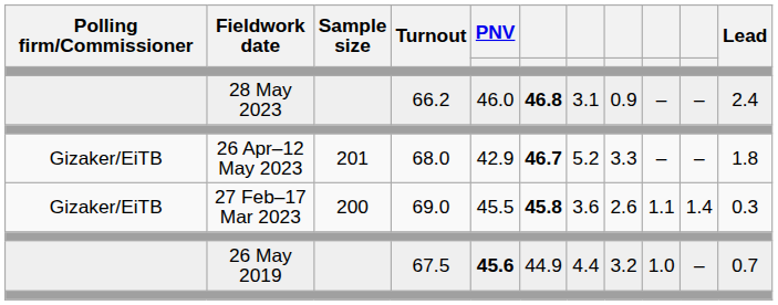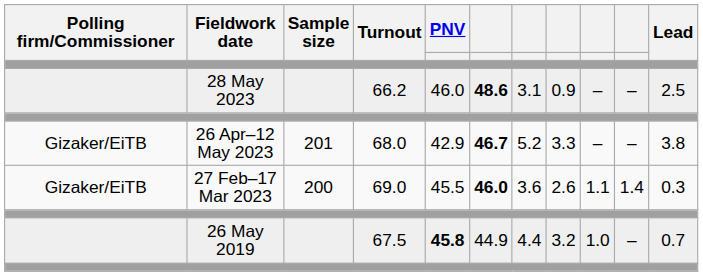 <table class="wikitable collapsible collapsed" style="text-align:center; font-size:95%; line-height:16px;">
 <tr style="height:42px;">
 <th style="width:250px;" rowspan="2">Polling firm/Commissioner</th>
 <th style="width:125px;" rowspan="2">Fieldwork date</th>
 <th style="width:50px;" rowspan="2">Sample size</th>
 <th style="width:45px;" rowspan="2">Turnout</th>
 <th style="width:35px;"><a href='#'>PNV</a></th>
 <th style="width:35px;"></th>
 <th style="width:35px;"></th>
 <th style="width:35px;"></th>
 <th style="width:35px;"></th>
 <th style="width:35px;"></th>
 <th style="width:30px;" rowspan="2">Lead</th>
 </tr>
 <tr>
 <th style="color:inherit;background:"></th>
 <th style="color:inherit;background:"></th>
 <th style="color:inherit;background:"></th>
 <th style="color:inherit;background:"></th>
 <th style="color:inherit;background:"></th>
 <th style="color:inherit;background:"></th>
 </tr>
 <tr>
 <td colspan="11" style="background:#A0A0A0"></td>
 </tr>
 <tr style="background:#EFEFEF;">
 <td><strong></strong></td>
 <td>28 May 2023</td>
 <td></td>
 <td>66.2</td>
 <td>46.0<br></td>
-<td><strong>46.8</strong><br></td>
+<td><strong>48.6</strong><br></td>
 <td>3.1<br></td>
 <td>0.9<br></td>
 <td>–</td>
 <td>–</td>
-<td style="background:">2.4</td>
+<td style="background:">2.5</td>
 </tr>
 <tr>
 <td colspan="11" style="background:#A0A0A0"></td>
 </tr>
 <tr>
 <td>Gizaker/EiTB</td>
 <td>26 Apr–12 May 2023</td>
 <td>201</td>
 <td>68.0</td>
 <td>42.9<br></td>
 <td><strong>46.7</strong><br></td>
 <td>5.2<br></td>
 <td>3.3<br></td>
 <td>–</td>
 <td>–</td>
-<td style="background:">1.8</td>
+<td style="background:">3.8</td>
 </tr>
 <tr>
 <td>Gizaker/EiTB</td>
 <td>27 Feb–17 Mar 2023</td>
 <td>200</td>
 <td>69.0</td>
 <td>45.5<br></td>
-<td><strong>45.8</strong><br></td>
+<td><strong>46.0</strong><br></td>
 <td>3.6<br></td>
 <td>2.6<br></td>
 <td>1.1<br></td>
 <td>1.4<br></td>
 <td style="background:">0.3</td>
 </tr>
 <tr>
 <td colspan="11" style="background:#A0A0A0"></td>
 </tr>
 <tr style="background:#EFEFEF;">
 <td><strong></strong></td>
 <td>26 May 2019</td>
 <td></td>
 <td>67.5</td>
-<td><strong>45.6</strong><br></td>
+<td><strong>45.8</strong><br></td>
 <td>44.9<br></td>
 <td>4.4<br></td>
 <td>3.2<br></td>
 <td>1.0<br></td>
 <td>–</td>
 <td style="background:">0.7</td>
 </tr>
 <tr>
 <td colspan="11" style="background:#A0A0A0"></td>
 </tr>
 </table>
